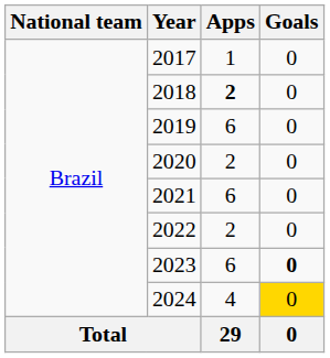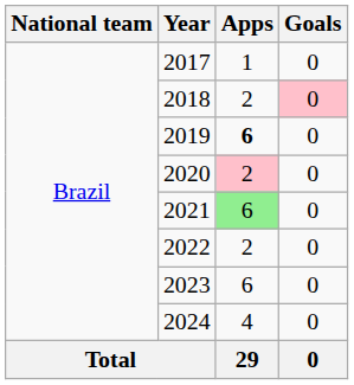 <table class="wikitable" style="text-align: center;">
 <tr>
 <th>National team</th>
 <th>Year</th>
 <th>Apps</th>
 <th>Goals</th>
 </tr>
 <tr>
 <td rowspan="8"><a href='#'>Brazil</a></td>
 <td>2017</td>
 <td>1</td>
 <td>0</td>
 </tr>
 <tr>
 <td>2018</td>
-<td><strong>2</strong></td>
-<td>0</td>
+<td>2</td>
+<td style="background: pink;">0</td>
 </tr>
 <tr>
 <td>2019</td>
-<td>6</td>
+<td><strong>6</strong></td>
 <td>0</td>
 </tr>
 <tr>
 <td>2020</td>
-<td>2</td>
+<td style="background: pink;">2</td>
 <td>0</td>
 </tr>
 <tr>
 <td>2021</td>
-<td>6</td>
+<td style="background: lightgreen;">6</td>
 <td>0</td>
 </tr>
 <tr>
 <td>2022</td>
 <td>2</td>
 <td>0</td>
 </tr>
 <tr>
 <td>2023</td>
 <td>6</td>
-<td><strong>0</strong></td>
+<td>0</td>
 </tr>
 <tr>
 <td>2024</td>
 <td>4</td>
-<td style="background: gold;">0</td>
+<td>0</td>
 </tr>
 <tr>
 <th colspan="2">Total</th>
 <th>29</th>
 <th>0</th>
 </tr>
 </table>
